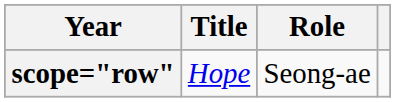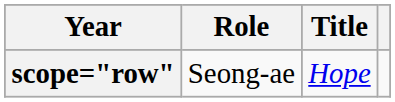 <table class="wikitable plainrowheaders">
 <tr>
 <th scope="col">Year</th>
+<th scope="col">Role</th>
 <th scope="col">Title</th>
-<th scope="col">Role</th>
 <th scope="col" class="unsortable"></th>
 </tr>
 <tr>
 <th>scope="row" </th>
+<td>Seong-ae</td>
 <td><em><a href='#'>Hope</a></em></td>
-<td>Seong-ae</td>
 <td style="text-align:center"></td>
 </tr>
 </table>
